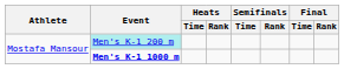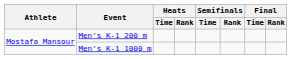 <table class=wikitable style="font-size:90%;">
 <tr>
 <th rowspan=2>Athlete</th>
 <th rowspan=2>Event</th>
 <th colspan=2>Heats</th>
 <th colspan=2>Semifinals</th>
 <th colspan=2>Final</th>
 </tr>
 <tr style="font-size:95%">
 <th>Time</th>
 <th>Rank</th>
 <th>Time</th>
 <th>Rank</th>
 <th>Time</th>
 <th>Rank</th>
 </tr>
 <tr align=center>
 <td align=left rowspan=2><a href='#'>Mostafa Mansour</a></td>
-<td align=left style="background: paleturquoise;"><a href='#'>Men's K-1 200 m</a></td>
+<td align=left><a href='#'>Men's K-1 200 m</a></td>
 <td></td>
 <td></td>
 <td></td>
 <td></td>
 <td></td>
 <td></td>
 </tr>
 <tr align=center>
-<td align=left><strong><a href='#'>Men's K-1 1000 m</a></strong></td>
+<td align=left><a href='#'>Men's K-1 1000 m</a></td>
 <td></td>
 <td></td>
 <td></td>
 <td></td>
 <td></td>
 <td></td>
 </tr>
 </table>
